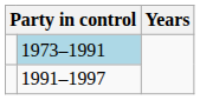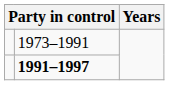 <table class="wikitable">
 <tr>
 <th colspan="2">Party in control</th>
 <th>Years</th>
 </tr>
 <tr>
 <td></td>
-<td style="background: lightblue;">1973–1991</td>
+<td>1973–1991</td>
 </tr>
 <tr>
 <td></td>
-<td>1991–1997</td>
+<td><strong>1991–1997</strong></td>
 </tr>
 </table>
